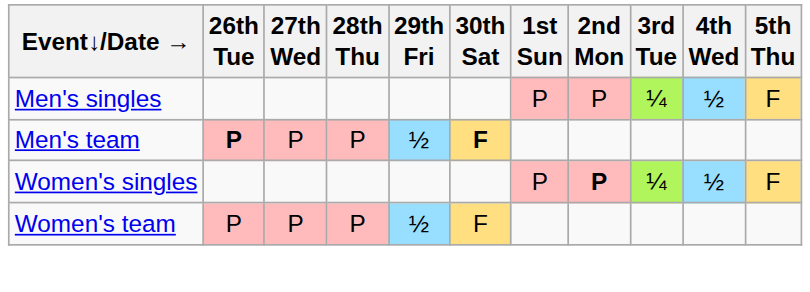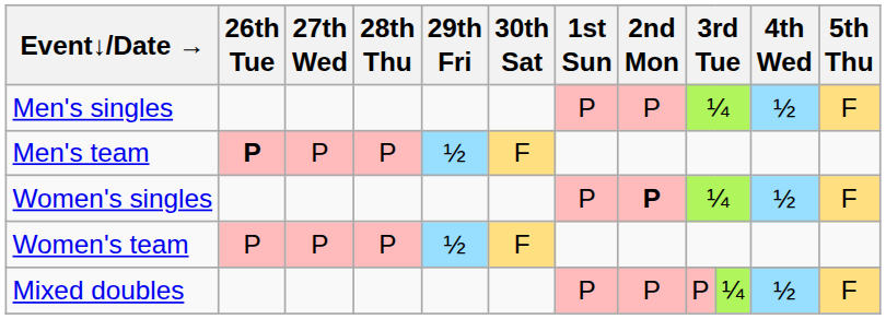 <table class="wikitable" style="margin:0.5em auto; font-size:90%; line-height:1.25em; text-align:center;">
 <tr>
 <th>Event↓/Date →</th>
 <th>26th<br>Tue</th>
 <th>27th<br>Wed</th>
 <th>28th<br>Thu</th>
 <th>29th<br>Fri</th>
 <th>30th<br>Sat</th>
 <th>1st<br>Sun</th>
 <th>2nd<br>Mon</th>
 <th colspan=2>3rd<br>Tue</th>
 <th>4th<br>Wed</th>
 <th>5th<br>Thu</th>
 </tr>
 <tr>
 <td align="left"><a href='#'>Men's singles</a></td>
 <td></td>
 <td></td>
 <td></td>
 <td></td>
 <td></td>
 <td bgcolor="#FFBBBB">P</td>
 <td bgcolor="#FFBBBB">P</td>
 <td colspan=2 bgcolor="#AFF55B">¼</td>
 <td bgcolor="#97DEFF">½</td>
 <td bgcolor="#FFDF80">F</td>
 </tr>
 <tr>
 <td align="left"><a href='#'>Men's team</a></td>
 <td bgcolor="#FFBBBB"><strong>P</strong></td>
 <td bgcolor="#FFBBBB">P</td>
 <td bgcolor="#FFBBBB">P</td>
 <td bgcolor="#97DEFF">½</td>
-<td bgcolor="#FFDF80"><strong>F</strong></td>
+<td bgcolor="#FFDF80">F</td>
 <td></td>
 <td></td>
 <td colspan=2></td>
 <td></td>
 <td></td>
 </tr>
 <tr>
 <td align="left"><a href='#'>Women's singles</a></td>
 <td></td>
 <td></td>
 <td></td>
 <td></td>
 <td></td>
 <td bgcolor="#FFBBBB">P</td>
 <td bgcolor="#FFBBBB"><strong>P</strong></td>
 <td colspan=2 bgcolor="#AFF55B">¼</td>
 <td bgcolor="#97DEFF">½</td>
 <td bgcolor="#FFDF80">F</td>
 </tr>
 <tr>
 <td align="left"><a href='#'>Women's team</a></td>
 <td bgcolor="#FFBBBB">P</td>
 <td bgcolor="#FFBBBB">P</td>
 <td bgcolor="#FFBBBB">P</td>
 <td bgcolor="#97DEFF">½</td>
 <td bgcolor="#FFDF80">F</td>
 <td></td>
 <td></td>
 <td colspan=2></td>
 <td></td>
 <td></td>
 </tr>
+<tr>
+<td align="left"><a href='#'>Mixed doubles</a></td>
+<td></td>
+<td></td>
+<td></td>
+<td></td>
+<td></td>
+<td bgcolor="#FFBBBB">P</td>
+<td bgcolor="#FFBBBB">P</td>
+<td bgcolor="#FFBBBB">P</td>
+<td bgcolor="#AFF55B">¼</td>
+<td bgcolor="#97DEFF">½</td>
+<td bgcolor="#FFDF80">F</td>
+</tr>
 </table>
